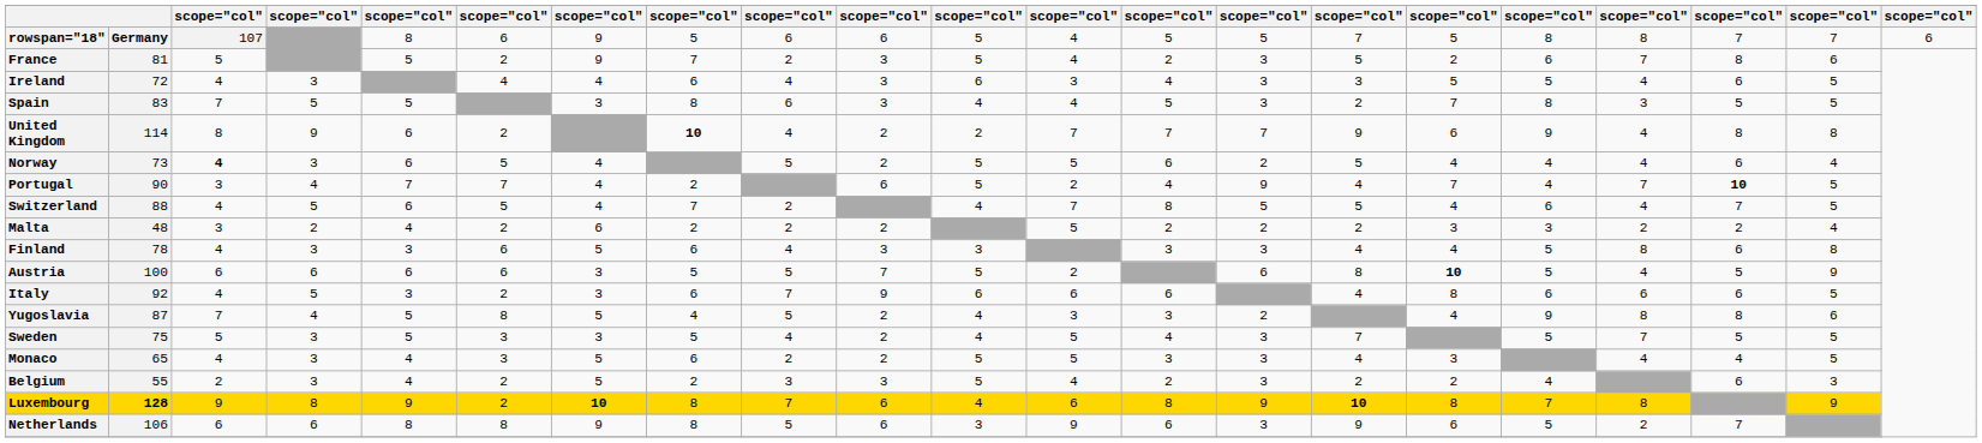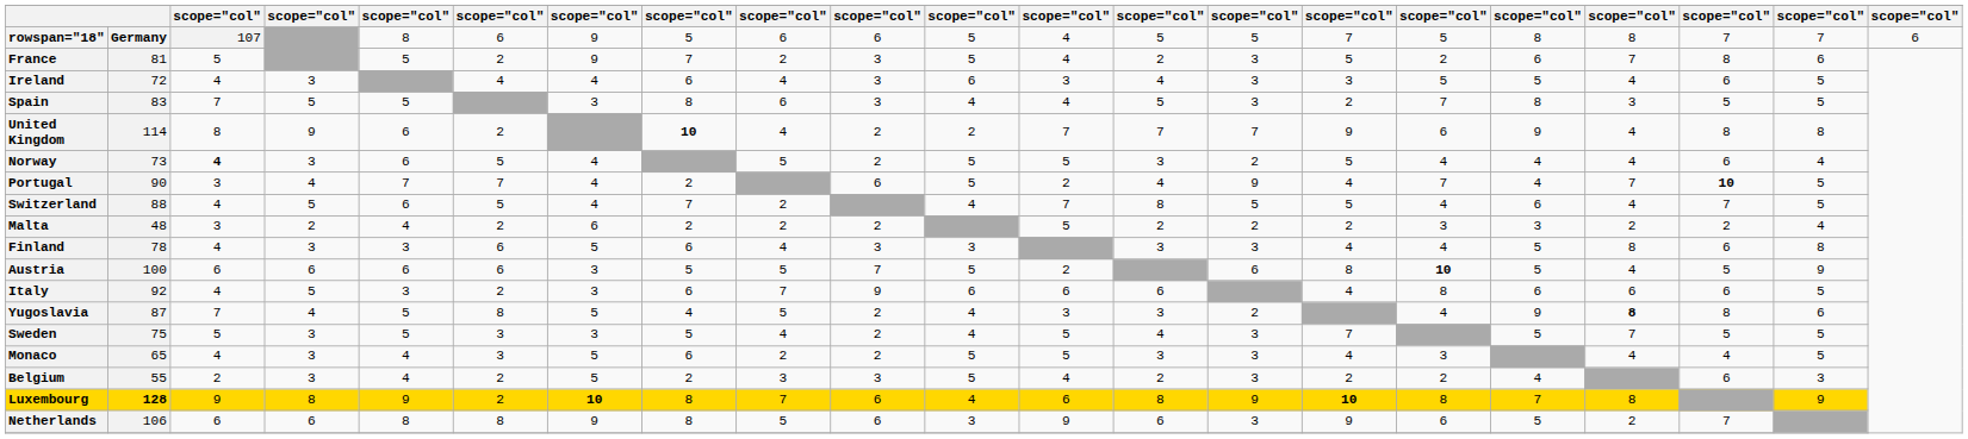 <table class="wikitable plainrowheaders" style="text-align:center;">
 <tr>
 </tr>
 <tr>
 <th colspan="2"></th>
 <th>scope="col" </th>
 <th>scope="col" </th>
 <th>scope="col" </th>
 <th>scope="col" </th>
 <th>scope="col" </th>
 <th>scope="col" </th>
 <th>scope="col" </th>
 <th>scope="col" </th>
 <th>scope="col" </th>
 <th>scope="col" </th>
 <th>scope="col" </th>
 <th>scope="col" </th>
 <th>scope="col" </th>
 <th>scope="col" </th>
 <th>scope="col" </th>
 <th>scope="col" </th>
 <th>scope="col" </th>
 <th>scope="col" </th>
 <th>scope="col" </th>
 </tr>
 <tr>
 <th>rowspan="18" </th>
 <th scope="row" style="text-align:left; background:#f2f2f2;">Germany</th>
 <td style="text-align:right; background:#f2f2f2;">107</td>
 <td style="text-align:left; background:#aaa;"></td>
 <td>8</td>
 <td>6</td>
 <td>9</td>
 <td>5</td>
 <td>6</td>
 <td>6</td>
 <td>5</td>
 <td>4</td>
 <td>5</td>
 <td>5</td>
 <td>7</td>
 <td>5</td>
 <td>8</td>
 <td>8</td>
 <td>7</td>
 <td>7</td>
 <td>6</td>
 </tr>
 <tr>
 <th scope="row" style="text-align:left; background:#f2f2f2;">France</th>
 <td style="text-align:right; background:#f2f2f2;">81</td>
 <td>5</td>
 <td style="text-align:left; background:#aaa;"></td>
 <td>5</td>
 <td>2</td>
 <td>9</td>
 <td>7</td>
 <td>2</td>
 <td>3</td>
 <td>5</td>
 <td>4</td>
 <td>2</td>
 <td>3</td>
 <td>5</td>
 <td>2</td>
 <td>6</td>
 <td>7</td>
 <td>8</td>
 <td>6</td>
 </tr>
 <tr>
 <th scope="row" style="text-align:left; background:#f2f2f2;">Ireland</th>
 <td style="text-align:right; background:#f2f2f2;">72</td>
 <td>4</td>
 <td>3</td>
 <td style="text-align:left; background:#aaa;"></td>
 <td>4</td>
 <td>4</td>
 <td>6</td>
 <td>4</td>
 <td>3</td>
 <td>6</td>
 <td>3</td>
 <td>4</td>
 <td>3</td>
 <td>3</td>
 <td>5</td>
 <td>5</td>
 <td>4</td>
 <td>6</td>
 <td>5</td>
 </tr>
 <tr>
 <th scope="row" style="text-align:left; background:#f2f2f2;">Spain</th>
 <td style="text-align:right; background:#f2f2f2;">83</td>
 <td>7</td>
 <td>5</td>
 <td>5</td>
 <td style="text-align:left; background:#aaa;"></td>
 <td>3</td>
 <td>8</td>
 <td>6</td>
 <td>3</td>
 <td>4</td>
 <td>4</td>
 <td>5</td>
 <td>3</td>
 <td>2</td>
 <td>7</td>
 <td>8</td>
 <td>3</td>
 <td>5</td>
 <td>5</td>
 </tr>
 <tr>
 <th scope="row" style="text-align:left; background:#f2f2f2;">United Kingdom</th>
 <td style="text-align:right; background:#f2f2f2;">114</td>
 <td>8</td>
 <td>9</td>
 <td>6</td>
 <td>2</td>
 <td style="text-align:left; background:#aaa;"></td>
 <td><strong>10</strong></td>
 <td>4</td>
 <td>2</td>
 <td>2</td>
 <td>7</td>
 <td>7</td>
 <td>7</td>
 <td>9</td>
 <td>6</td>
 <td>9</td>
 <td>4</td>
 <td>8</td>
 <td>8</td>
 </tr>
 <tr>
 <th scope="row" style="text-align:left; background:#f2f2f2;">Norway</th>
 <td style="text-align:right; background:#f2f2f2;">73</td>
 <td><strong>4</strong></td>
 <td>3</td>
 <td>6</td>
 <td>5</td>
 <td>4</td>
 <td style="text-align:left; background:#aaa;"></td>
 <td>5</td>
 <td>2</td>
 <td>5</td>
 <td>5</td>
-<td>6</td>
+<td>3</td>
 <td>2</td>
 <td>5</td>
 <td>4</td>
 <td>4</td>
 <td>4</td>
 <td>6</td>
 <td>4</td>
 </tr>
 <tr>
 <th scope="row" style="text-align:left; background:#f2f2f2;">Portugal</th>
 <td style="text-align:right; background:#f2f2f2;">90</td>
 <td>3</td>
 <td>4</td>
 <td>7</td>
 <td>7</td>
 <td>4</td>
 <td>2</td>
 <td style="text-align:left; background:#aaa;"></td>
 <td>6</td>
 <td>5</td>
 <td>2</td>
 <td>4</td>
 <td>9</td>
 <td>4</td>
 <td>7</td>
 <td>4</td>
 <td>7</td>
 <td><strong>10</strong></td>
 <td>5</td>
 </tr>
 <tr>
 <th scope="row" style="text-align:left; background:#f2f2f2;">Switzerland</th>
 <td style="text-align:right; background:#f2f2f2;">88</td>
 <td>4</td>
 <td>5</td>
 <td>6</td>
 <td>5</td>
 <td>4</td>
 <td>7</td>
 <td>2</td>
 <td style="text-align:left; background:#aaa;"></td>
 <td>4</td>
 <td>7</td>
 <td>8</td>
 <td>5</td>
 <td>5</td>
 <td>4</td>
 <td>6</td>
 <td>4</td>
 <td>7</td>
 <td>5</td>
 </tr>
 <tr>
 <th scope="row" style="text-align:left; background:#f2f2f2;">Malta</th>
 <td style="text-align:right; background:#f2f2f2;">48</td>
 <td>3</td>
 <td>2</td>
 <td>4</td>
 <td>2</td>
 <td>6</td>
 <td>2</td>
 <td>2</td>
 <td>2</td>
 <td style="text-align:left; background:#aaa;"></td>
 <td>5</td>
 <td>2</td>
 <td>2</td>
 <td>2</td>
 <td>3</td>
 <td>3</td>
 <td>2</td>
 <td>2</td>
 <td>4</td>
 </tr>
 <tr>
 <th scope="row" style="text-align:left; background:#f2f2f2;">Finland</th>
 <td style="text-align:right; background:#f2f2f2;">78</td>
 <td>4</td>
 <td>3</td>
 <td>3</td>
 <td>6</td>
 <td>5</td>
 <td>6</td>
 <td>4</td>
 <td>3</td>
 <td>3</td>
 <td style="text-align:left; background:#aaa;"></td>
 <td>3</td>
 <td>3</td>
 <td>4</td>
 <td>4</td>
 <td>5</td>
 <td>8</td>
 <td>6</td>
 <td>8</td>
 </tr>
 <tr>
 <th scope="row" style="text-align:left; background:#f2f2f2;">Austria</th>
 <td style="text-align:right; background:#f2f2f2;">100</td>
 <td>6</td>
 <td>6</td>
 <td>6</td>
 <td>6</td>
 <td>3</td>
 <td>5</td>
 <td>5</td>
 <td>7</td>
 <td>5</td>
 <td>2</td>
 <td style="text-align:left; background:#aaa;"></td>
 <td>6</td>
 <td>8</td>
 <td><strong>10</strong></td>
 <td>5</td>
 <td>4</td>
 <td>5</td>
 <td>9</td>
 </tr>
 <tr>
 <th scope="row" style="text-align:left; background:#f2f2f2;">Italy</th>
 <td style="text-align:right; background:#f2f2f2;">92</td>
 <td>4</td>
 <td>5</td>
 <td>3</td>
 <td>2</td>
 <td>3</td>
 <td>6</td>
 <td>7</td>
 <td>9</td>
 <td>6</td>
 <td>6</td>
 <td>6</td>
 <td style="text-align:left; background:#aaa;"></td>
 <td>4</td>
 <td>8</td>
 <td>6</td>
 <td>6</td>
 <td>6</td>
 <td>5</td>
 </tr>
 <tr>
 <th scope="row" style="text-align:left; background:#f2f2f2;">Yugoslavia</th>
 <td style="text-align:right; background:#f2f2f2;">87</td>
 <td>7</td>
 <td>4</td>
 <td>5</td>
 <td>8</td>
 <td>5</td>
 <td>4</td>
 <td>5</td>
 <td>2</td>
 <td>4</td>
 <td>3</td>
 <td>3</td>
 <td>2</td>
 <td style="text-align:left; background:#aaa;"></td>
 <td>4</td>
 <td>9</td>
-<td>8</td>
+<td><strong>8</strong></td>
 <td>8</td>
 <td>6</td>
 </tr>
 <tr>
 <th scope="row" style="text-align:left; background:#f2f2f2;">Sweden</th>
 <td style="text-align:right; background:#f2f2f2;">75</td>
 <td>5</td>
 <td>3</td>
 <td>5</td>
 <td>3</td>
 <td>3</td>
 <td>5</td>
 <td>4</td>
 <td>2</td>
 <td>4</td>
 <td>5</td>
 <td>4</td>
 <td>3</td>
 <td>7</td>
 <td style="text-align:left; background:#aaa;"></td>
 <td>5</td>
 <td>7</td>
 <td>5</td>
 <td>5</td>
 </tr>
 <tr>
 <th scope="row" style="text-align:left; background:#f2f2f2;">Monaco</th>
 <td style="text-align:right; background:#f2f2f2;">65</td>
 <td>4</td>
 <td>3</td>
 <td>4</td>
 <td>3</td>
 <td>5</td>
 <td>6</td>
 <td>2</td>
 <td>2</td>
 <td>5</td>
 <td>5</td>
 <td>3</td>
 <td>3</td>
 <td>4</td>
 <td>3</td>
 <td style="text-align:left; background:#aaa;"></td>
 <td>4</td>
 <td>4</td>
 <td>5</td>
 </tr>
 <tr>
 <th scope="row" style="text-align:left; background:#f2f2f2;">Belgium</th>
 <td style="text-align:right; background:#f2f2f2;">55</td>
 <td>2</td>
 <td>3</td>
 <td>4</td>
 <td>2</td>
 <td>5</td>
 <td>2</td>
 <td>3</td>
 <td>3</td>
 <td>5</td>
 <td>4</td>
 <td>2</td>
 <td>3</td>
 <td>2</td>
 <td>2</td>
 <td>4</td>
 <td style="text-align:left; background:#aaa;"></td>
 <td>6</td>
 <td>3</td>
 </tr>
 <tr style="background:gold;">
 <th scope="row" style="text-align:left; font-weight:bold; background:gold;">Luxembourg</th>
 <td style="text-align:right; font-weight:bold;">128</td>
 <td>9</td>
 <td>8</td>
 <td>9</td>
 <td>2</td>
 <td><strong>10</strong></td>
 <td>8</td>
 <td>7</td>
 <td>6</td>
 <td>4</td>
 <td>6</td>
 <td>8</td>
 <td>9</td>
 <td><strong>10</strong></td>
 <td>8</td>
 <td>7</td>
 <td>8</td>
 <td style="text-align:left; background:#aaa;"></td>
 <td>9</td>
 </tr>
 <tr>
 <th scope="row" style="text-align:left; background:#f2f2f2;">Netherlands</th>
 <td style="text-align:right; background:#f2f2f2;">106</td>
 <td>6</td>
 <td>6</td>
 <td>8</td>
 <td>8</td>
 <td>9</td>
 <td>8</td>
 <td>5</td>
 <td>6</td>
 <td>3</td>
 <td>9</td>
 <td>6</td>
 <td>3</td>
 <td>9</td>
 <td>6</td>
 <td>5</td>
 <td>2</td>
 <td>7</td>
 <td style="text-align:left; background:#aaa;"></td>
 </tr>
 <tr>
 </tr>
 </table>
